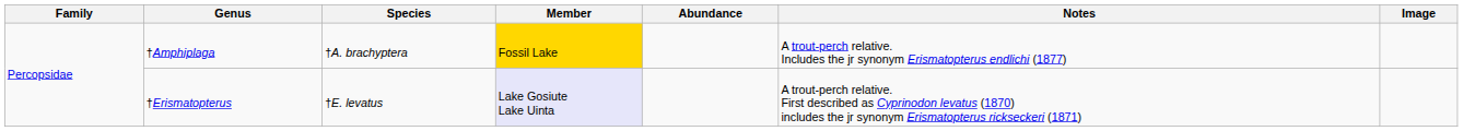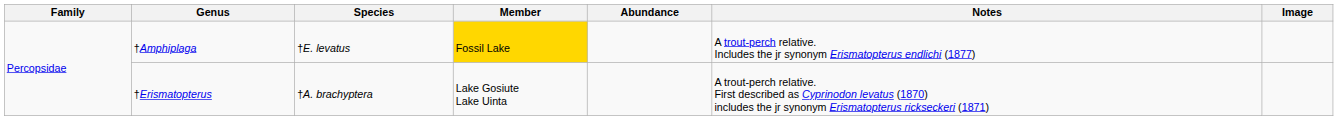 <table class="wikitable" style="margin:auto;width:100%;">
 <tr>
 <th>Family</th>
 <th>Genus</th>
 <th>Species</th>
 <th>Member</th>
 <th>Abundance</th>
 <th>Notes</th>
 <th>Image</th>
 </tr>
 <tr>
 <td rowspan=2><a href='#'>Percopsidae</a></td>
 <td><br>†<em><a href='#'>Amphiplaga</a></em></td>
-<td><br>†<em>A. brachyptera</em> </td>
+<td><br>†<em>E. levatus</em> </td>
 <td style="background: gold;"><br>Fossil Lake</td>
 <td></td>
 <td><br>A <a href='#'>trout-perch</a> relative.<br> Includes the jr synonym <em><a href='#'>Erismatopterus endlichi</a></em> (<a href='#'>1877</a>)</td>
 <td><br></td>
 </tr>
 <tr>
 <td><br>†<em><a href='#'>Erismatopterus</a></em></td>
-<td><br>†<em>E. levatus</em> </td>
-<td style="background: lavender;"><br>Lake Gosiute<br> Lake Uinta</td>
+<td><br>†<em>A. brachyptera</em> </td>
+<td><br>Lake Gosiute<br> Lake Uinta</td>
 <td></td>
 <td><br>A trout-perch relative.<br>First described as <em><a href='#'>Cyprinodon levatus</a></em> (<a href='#'>1870</a>)<br>includes the jr synonym <em><a href='#'>Erismatopterus rickseckeri</a></em> (<a href='#'>1871</a>)</td>
 <td><br></td>
 </tr>
 </table>
